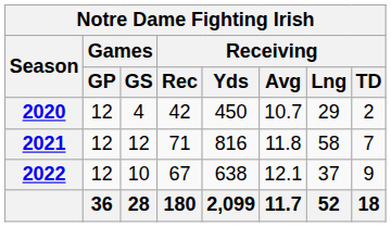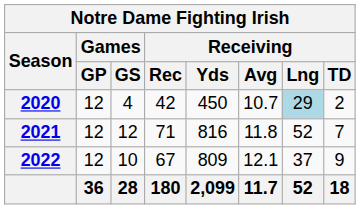 <table class="wikitable" style="text-align:center;">
 <tr>
 <th colspan="8">Notre Dame Fighting Irish</th>
 </tr>
 <tr>
 <th rowspan="2">Season</th>
 <th colspan="2">Games</th>
 <th colspan="5">Receiving</th>
 </tr>
 <tr>
 <th>GP</th>
 <th>GS</th>
 <th>Rec</th>
 <th>Yds</th>
 <th>Avg</th>
 <th>Lng</th>
 <th>TD</th>
 </tr>
 <tr>
 <th><a href='#'>2020</a></th>
 <td>12</td>
 <td>4</td>
 <td>42</td>
 <td>450</td>
 <td>10.7</td>
-<td>29</td>
+<td style="background: lightblue;">29</td>
 <td>2</td>
 </tr>
 <tr>
 <th><a href='#'>2021</a></th>
 <td>12</td>
 <td>12</td>
 <td>71</td>
 <td>816</td>
 <td>11.8</td>
-<td>58</td>
+<td>52</td>
 <td>7</td>
 </tr>
 <tr>
 <th><a href='#'>2022</a></th>
 <td>12</td>
 <td>10</td>
 <td>67</td>
-<td>638</td>
+<td>809</td>
 <td>12.1</td>
 <td>37</td>
 <td>9</td>
 </tr>
 <tr>
 <th></th>
 <th>36</th>
 <th>28</th>
 <th>180</th>
 <th>2,099</th>
 <th>11.7</th>
 <th>52</th>
 <th>18</th>
 </tr>
 </table>
